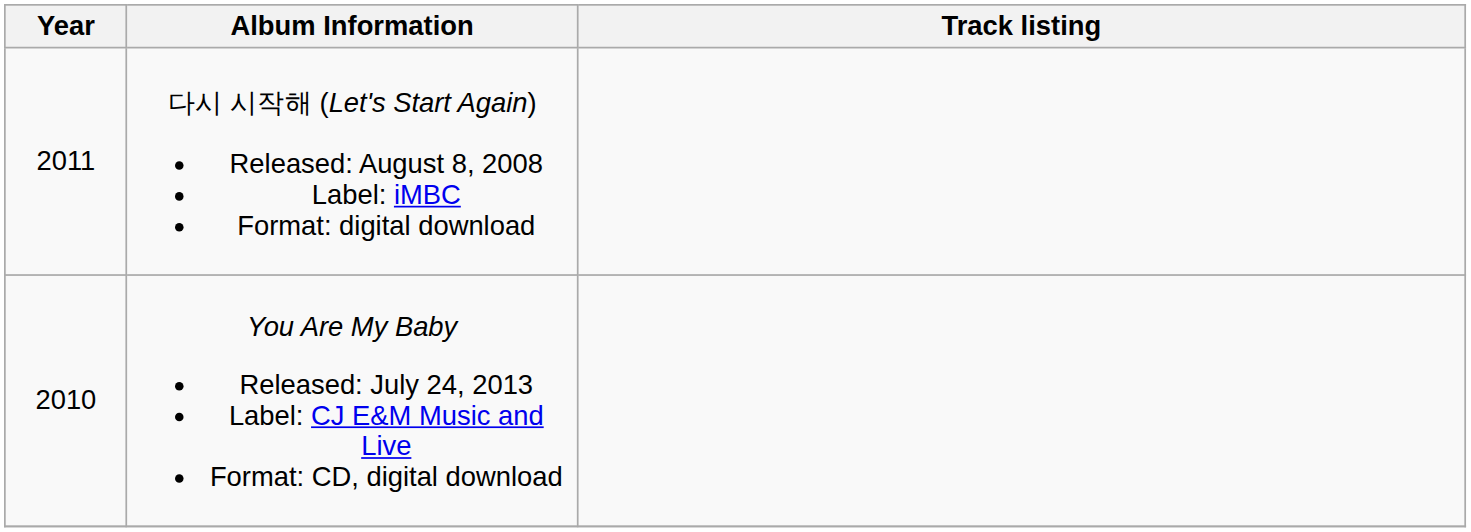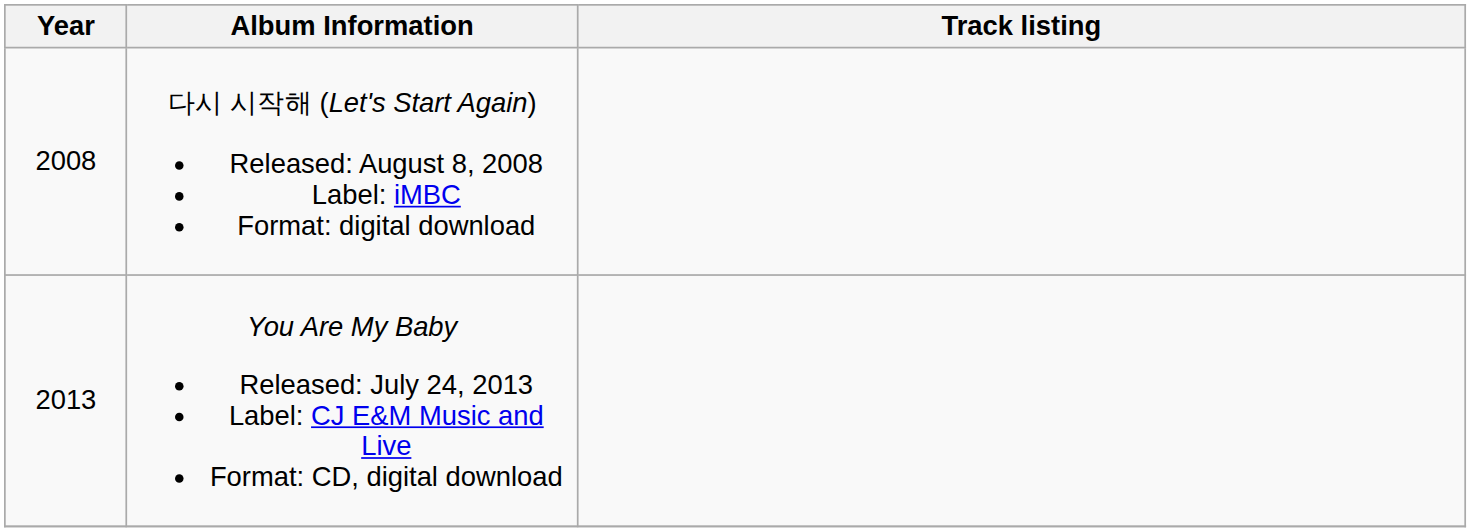 <table class="wikitable" style="text-align:center;">
 <tr>
 <th style="width:4em;">Year</th>
 <th style="width:16em;">Album Information</th>
 <th style="width:32em;">Track listing</th>
 </tr>
 <tr>
-<td>2011</td>
+<td>2008</td>
 <td><br>다시 시작해 (<em>Let's Start Again</em>)<ul><li>Released: August 8, 2008</li><li>Label: <a href='#'>iMBC</a></li><li>Format: digital download</li></ul></td>
 <td style="font-size: 100%;"></td>
 </tr>
 <tr>
-<td>2010</td>
+<td>2013</td>
 <td><br><em>You Are My Baby</em><ul><li>Released: July 24, 2013</li><li>Label: <a href='#'>CJ E&M Music and Live</a></li><li>Format: CD, digital download</li></ul></td>
 <td style="font-size: 100%;"></td>
 </tr>
 <tr>
 </tr>
 </table>
